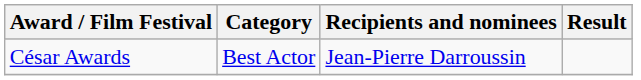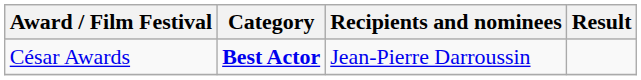 <table class="wikitable plainrowheaders sortable">
 <tr style="background:#ccc; text-align:center;">
 <th scope="col">Award / Film Festival</th>
 <th scope="col">Category</th>
 <th scope="col">Recipients and nominees</th>
 <th scope="col">Result</th>
 </tr>
 <tr>
 <td><a href='#'>César Awards</a></td>
-<td><a href='#'>Best Actor</a></td>
+<td><strong><a href='#'>Best Actor</a></strong></td>
 <td><a href='#'>Jean-Pierre Darroussin</a></td>
 <td></td>
 </tr>
 <tr>
 </tr>
 </table>
